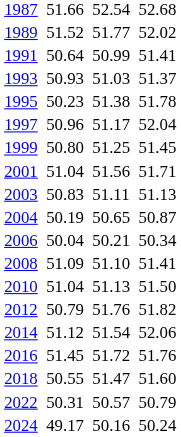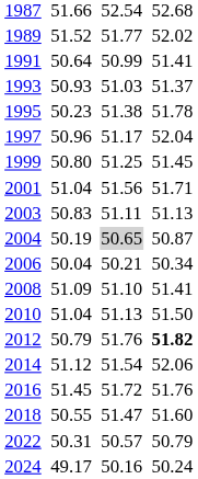 <table>
 <tr valign="top">
 <td><a href='#'>1987</a><br></td>
 <td></td>
 <td>51.66</td>
 <td></td>
 <td>52.54 </td>
 <td></td>
 <td>52.68</td>
 </tr>
 <tr valign="top">
 <td><a href='#'>1989</a><br></td>
 <td></td>
 <td>51.52 </td>
 <td></td>
 <td>51.77 </td>
 <td></td>
 <td>52.02</td>
 </tr>
 <tr valign="top">
 <td><a href='#'>1991</a><br></td>
 <td></td>
 <td>50.64 </td>
 <td></td>
 <td>50.99 </td>
 <td></td>
 <td>51.41 </td>
 </tr>
 <tr valign="top">
 <td><a href='#'>1993</a><br></td>
 <td></td>
 <td>50.93 </td>
 <td></td>
 <td>51.03 </td>
 <td></td>
 <td>51.37 </td>
 </tr>
 <tr valign="top">
 <td><a href='#'>1995</a><br></td>
 <td></td>
 <td>50.23 </td>
 <td></td>
 <td>51.38</td>
 <td></td>
 <td>51.78</td>
 </tr>
 <tr valign="top">
 <td><a href='#'>1997</a><br></td>
 <td></td>
 <td>50.96 </td>
 <td></td>
 <td>51.17 </td>
 <td></td>
 <td>52.04 </td>
 </tr>
 <tr valign="top">
 <td><a href='#'>1999</a><br></td>
 <td></td>
 <td>50.80 </td>
 <td></td>
 <td>51.25 </td>
 <td></td>
 <td>51.45</td>
 </tr>
 <tr valign="top">
 <td><a href='#'>2001</a><br></td>
 <td></td>
 <td>51.04</td>
 <td></td>
 <td>51.56</td>
 <td></td>
 <td>51.71</td>
 </tr>
 <tr valign="top">
 <td><a href='#'>2003</a><br></td>
 <td></td>
 <td>50.83</td>
 <td></td>
 <td>51.11 </td>
 <td></td>
 <td>51.13 </td>
 </tr>
 <tr valign="top">
 <td><a href='#'>2004</a><br></td>
 <td></td>
 <td>50.19 </td>
 <td></td>
-<td>50.65 </td>
+<td style="background: lightgrey;">50.65 </td>
 <td></td>
 <td>50.87 </td>
 </tr>
 <tr valign="top">
 <td><a href='#'>2006</a><br></td>
 <td></td>
 <td>50.04 </td>
 <td></td>
 <td>50.21 </td>
 <td></td>
 <td>50.34 </td>
 </tr>
 <tr valign="top">
 <td><a href='#'>2008</a><br></td>
 <td></td>
 <td>51.09 </td>
 <td></td>
 <td>51.10 </td>
 <td></td>
 <td>51.41 </td>
 </tr>
 <tr valign="top">
 <td><a href='#'>2010</a><br></td>
 <td></td>
 <td>51.04</td>
 <td></td>
 <td>51.13 </td>
 <td></td>
 <td>51.50 </td>
 </tr>
 <tr valign="top">
 <td><a href='#'>2012</a><br></td>
 <td></td>
 <td>50.79</td>
 <td></td>
 <td>51.76</td>
 <td></td>
-<td>51.82</td>
+<td><strong>51.82</strong></td>
 </tr>
 <tr valign="top">
 <td><a href='#'>2014</a><br></td>
 <td></td>
 <td>51.12</td>
 <td></td>
 <td>51.54 </td>
 <td></td>
 <td>52.06</td>
 </tr>
 <tr valign="top">
 <td><a href='#'>2016</a><br></td>
 <td></td>
 <td>51.45 </td>
 <td></td>
 <td>51.72</td>
 <td></td>
 <td>51.76</td>
 </tr>
 <tr valign="top">
 <td><a href='#'>2018</a><br></td>
 <td></td>
 <td>50.55 </td>
 <td></td>
 <td>51.47</td>
 <td></td>
 <td>51.60 </td>
 </tr>
 <tr valign="top">
 <td><a href='#'>2022</a><br></td>
 <td></td>
 <td>50.31 </td>
 <td></td>
 <td>50.57</td>
 <td></td>
 <td>50.79 </td>
 </tr>
 <tr valign="top">
 <td><a href='#'>2024</a><br></td>
 <td></td>
 <td>49.17 </td>
 <td></td>
 <td>50.16</td>
 <td></td>
 <td>50.24 </td>
 </tr>
 </table>
